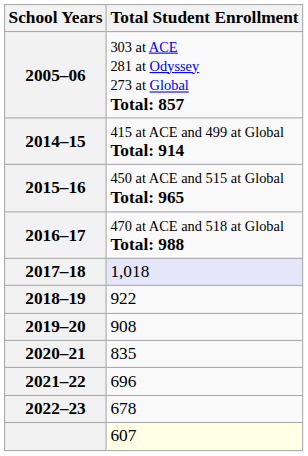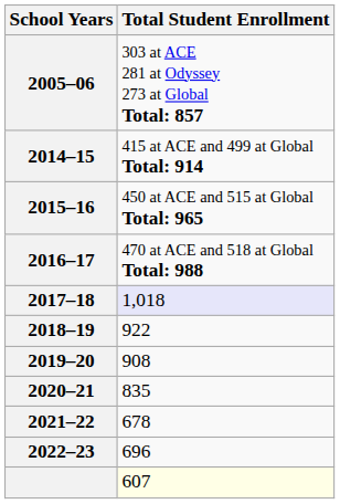 <table class="wikitable">
 <tr>
 <th>School Years</th>
 <th>Total Student Enrollment</th>
 </tr>
 <tr>
 <th>2005–06</th>
 <td><small>303 at <a href='#'>ACE</a><br>281 at <a href='#'>Odyssey</a><br>273 at <a href='#'>Global</a></small><br><strong>Total: 857</strong></td>
 </tr>
 <tr>
 <th>2014–15</th>
 <td><small>415 at ACE and 499 at Global</small><br><strong>Total: 914</strong></td>
 </tr>
 <tr>
 <th>2015–16</th>
 <td><small>450 at ACE and 515 at Global</small><br><strong>Total: 965</strong></td>
 </tr>
 <tr>
 <th>2016–17</th>
 <td><small>470 at ACE and 518 at Global</small><br><strong>Total: 988</strong></td>
 </tr>
 <tr>
 <th>2017–18</th>
 <td style="background: lavender;">1,018</td>
 </tr>
 <tr>
 <th>2018–19</th>
 <td>922</td>
 </tr>
 <tr>
 <th>2019–20</th>
 <td>908</td>
 </tr>
 <tr>
 <th>2020–21</th>
 <td>835</td>
 </tr>
 <tr>
 <th>2021–22</th>
-<td>696</td>
+<td>678</td>
 </tr>
 <tr>
 <th>2022–23</th>
-<td>678</td>
+<td>696</td>
 </tr>
 <tr>
 <th></th>
 <td style='background: #ffffe6;'>607</td>
 </tr>
 </table>
